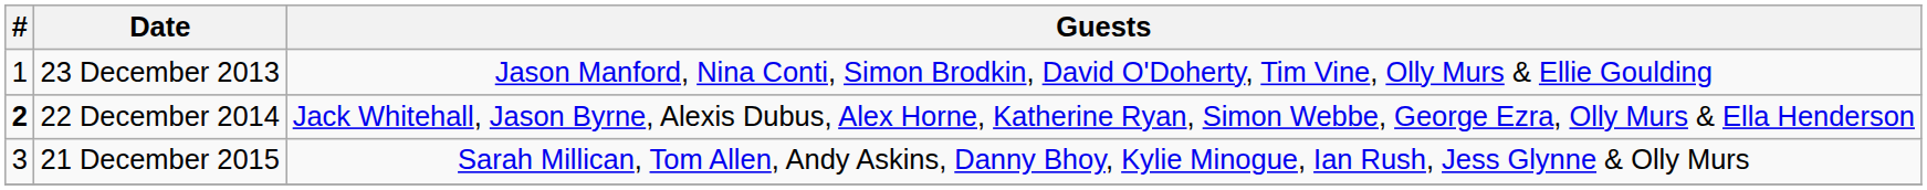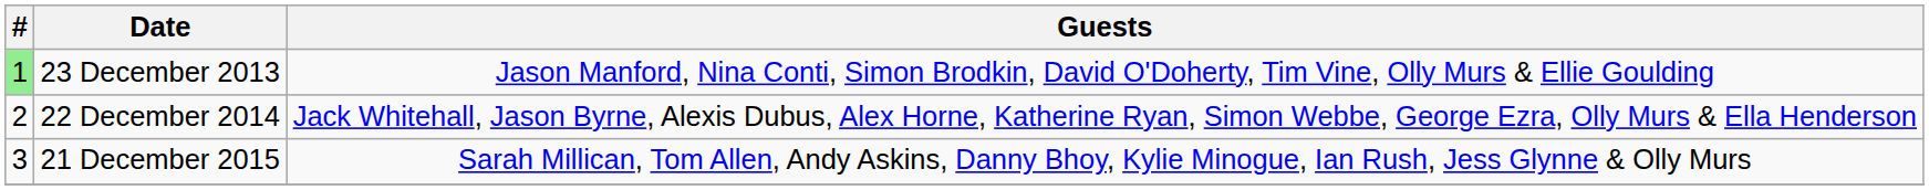 <table class="wikitable" style="text-align:center;">
 <tr>
 <th>#</th>
 <th>Date</th>
 <th>Guests</th>
 </tr>
 <tr>
-<td>1</td>
+<td style="background: lightgreen;">1</td>
 <td>23 December 2013</td>
 <td><a href='#'>Jason Manford</a>, <a href='#'>Nina Conti</a>, <a href='#'>Simon Brodkin</a>, <a href='#'>David O'Doherty</a>, <a href='#'>Tim Vine</a>, <a href='#'>Olly Murs</a> & <a href='#'>Ellie Goulding</a></td>
 </tr>
 <tr>
-<td><strong>2</strong></td>
+<td>2</td>
 <td>22 December 2014</td>
 <td><a href='#'>Jack Whitehall</a>, <a href='#'>Jason Byrne</a>, Alexis Dubus, <a href='#'>Alex Horne</a>, <a href='#'>Katherine Ryan</a>, <a href='#'>Simon Webbe</a>, <a href='#'>George Ezra</a>, <a href='#'>Olly Murs</a> & <a href='#'>Ella Henderson</a></td>
 </tr>
 <tr>
 <td>3</td>
 <td>21 December 2015</td>
 <td><a href='#'>Sarah Millican</a>, <a href='#'>Tom Allen</a>, Andy Askins, <a href='#'>Danny Bhoy</a>, <a href='#'>Kylie Minogue</a>, <a href='#'>Ian Rush</a>, <a href='#'>Jess Glynne</a> & Olly Murs</td>
 </tr>
 <tr>
 </tr>
 </table>
